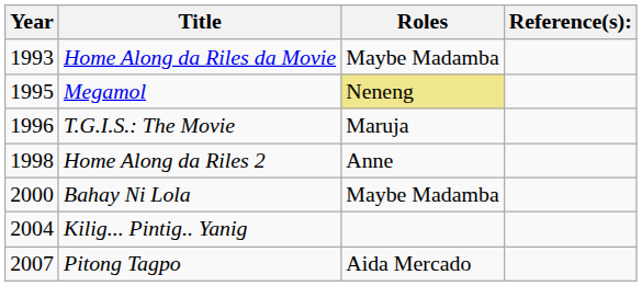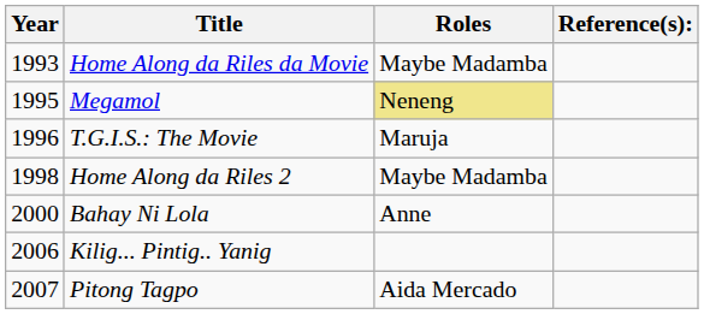 <table Class="wikitable plainrowheaders sortable ">
 <tr>
 <th Scope="col">Year</th>
 <th Scope="col">Title</th>
 <th Scope="col">Roles</th>
 <th>Reference(s):</th>
 </tr>
 <tr>
 <td>1993</td>
 <td><em><a href='#'>Home Along da Riles da Movie</a></em></td>
 <td>Maybe Madamba</td>
 <td><br>   </td>
 </tr>
 <tr>
 <td>1995</td>
 <td><em><a href='#'>Megamol</a></em></td>
 <td style="background: khaki;">Neneng</td>
 <td></td>
 </tr>
 <tr>
 <td>1996</td>
 <td><em>T.G.I.S.: The Movie</em></td>
 <td>Maruja</td>
 <td></td>
 </tr>
 <tr>
 <td>1998</td>
 <td><em>Home Along da Riles 2</em></td>
-<td>Anne</td>
+<td>Maybe Madamba</td>
 <td></td>
 </tr>
 <tr>
 <td>2000</td>
 <td><em>Bahay Ni Lola</em></td>
-<td>Maybe Madamba</td>
+<td>Anne</td>
 <td></td>
 </tr>
 <tr>
-<td>2004</td>
+<td>2006</td>
 <td><em>Kilig... Pintig.. Yanig</em></td>
 <td></td>
 <td></td>
 </tr>
 <tr>
 <td>2007</td>
 <td><em>Pitong Tagpo</em></td>
 <td>Aida Mercado</td>
 <td></td>
 </tr>
 </table>
